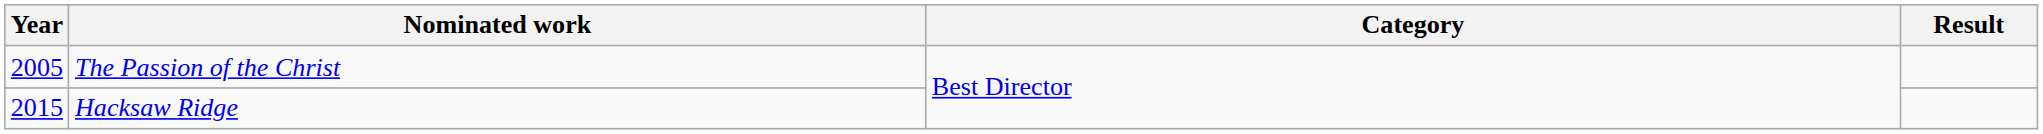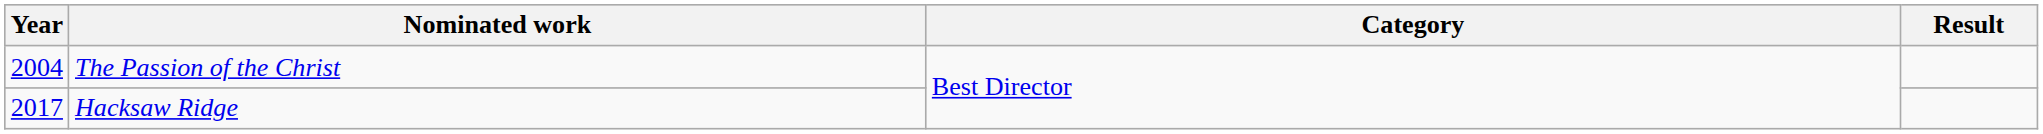 <table class="wikitable">
 <tr>
 <th scope="col" style="width:1em;">Year</th>
 <th scope="col" style="width:35em;">Nominated work</th>
 <th scope="col" style="width:40em;">Category</th>
 <th scope="col" style="width:5em;">Result</th>
 </tr>
 <tr>
-<td><a href='#'>2005</a></td>
+<td><a href='#'>2004</a></td>
 <td><em><a href='#'>The Passion of the Christ</a></em></td>
 <td rowspan="2"><a href='#'>Best Director</a></td>
 <td></td>
 </tr>
 <tr>
-<td><a href='#'>2015</a></td>
+<td><a href='#'>2017</a></td>
 <td><em><a href='#'>Hacksaw Ridge</a></em></td>
 <td></td>
 </tr>
 </table>
